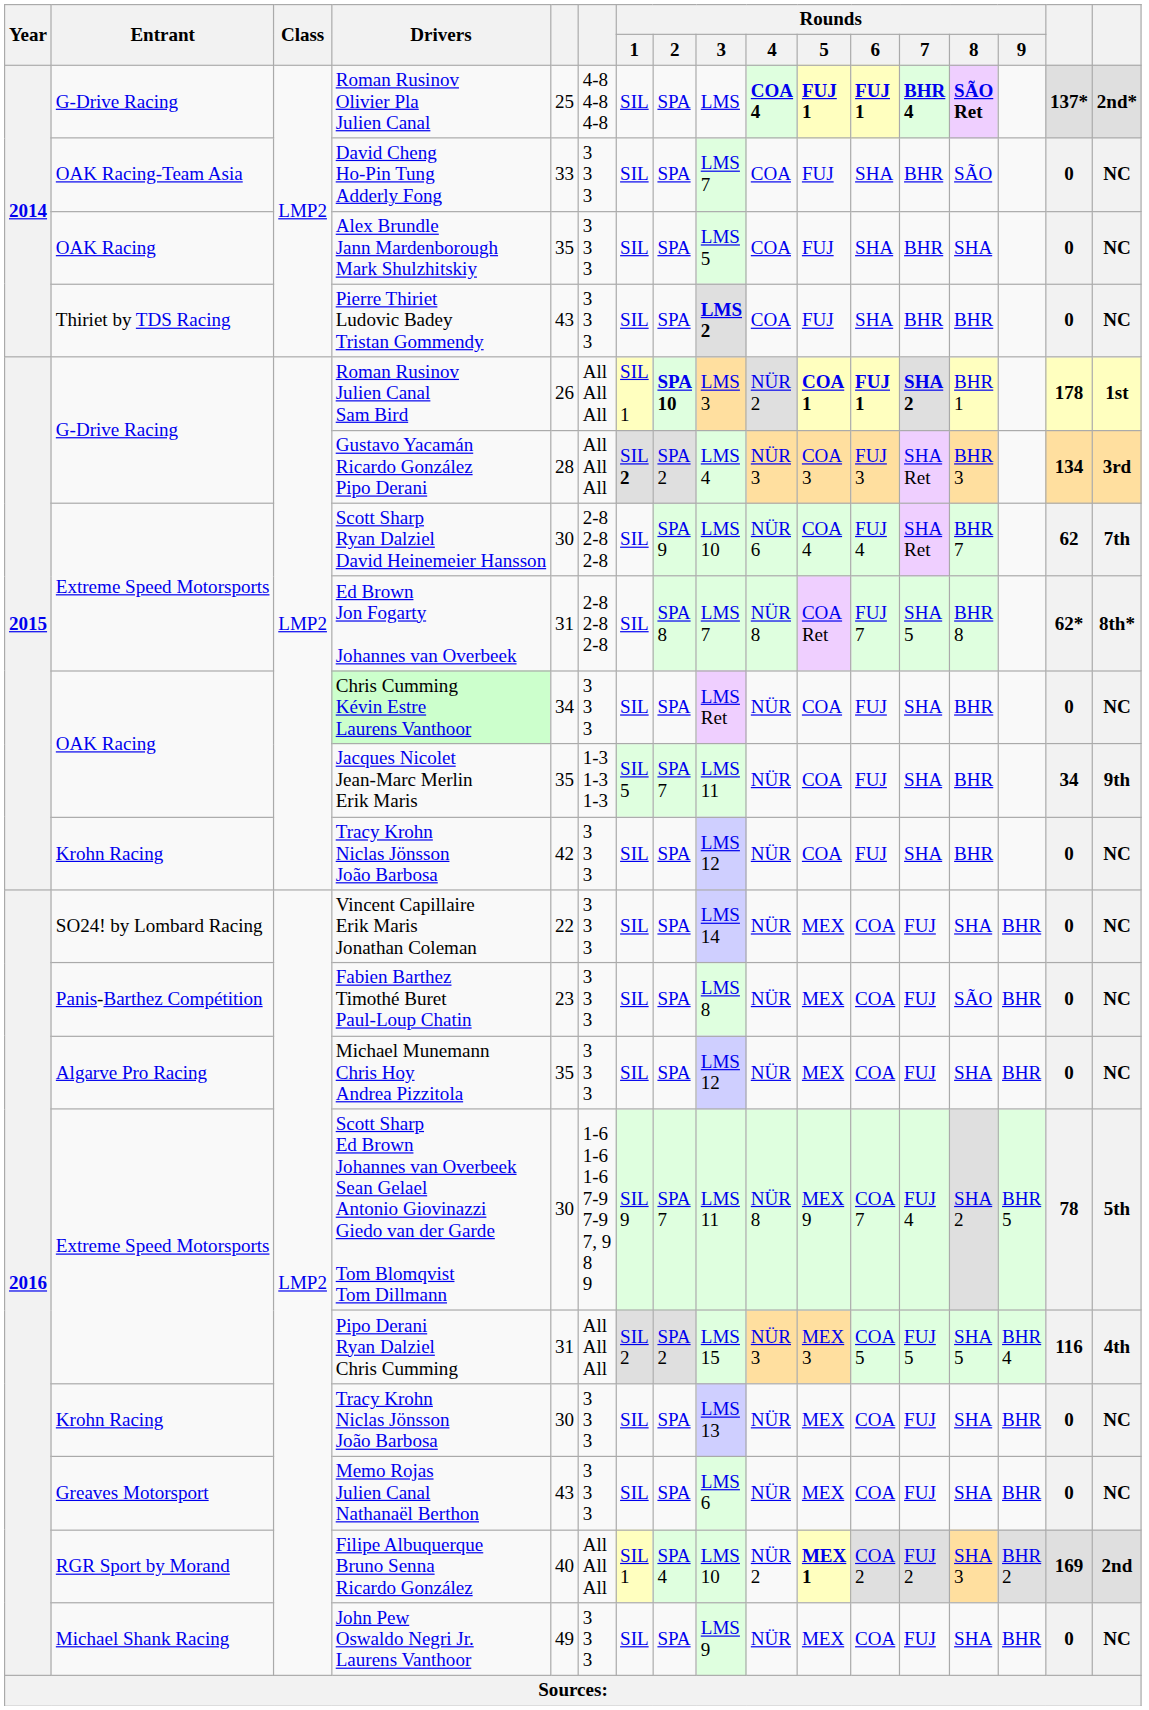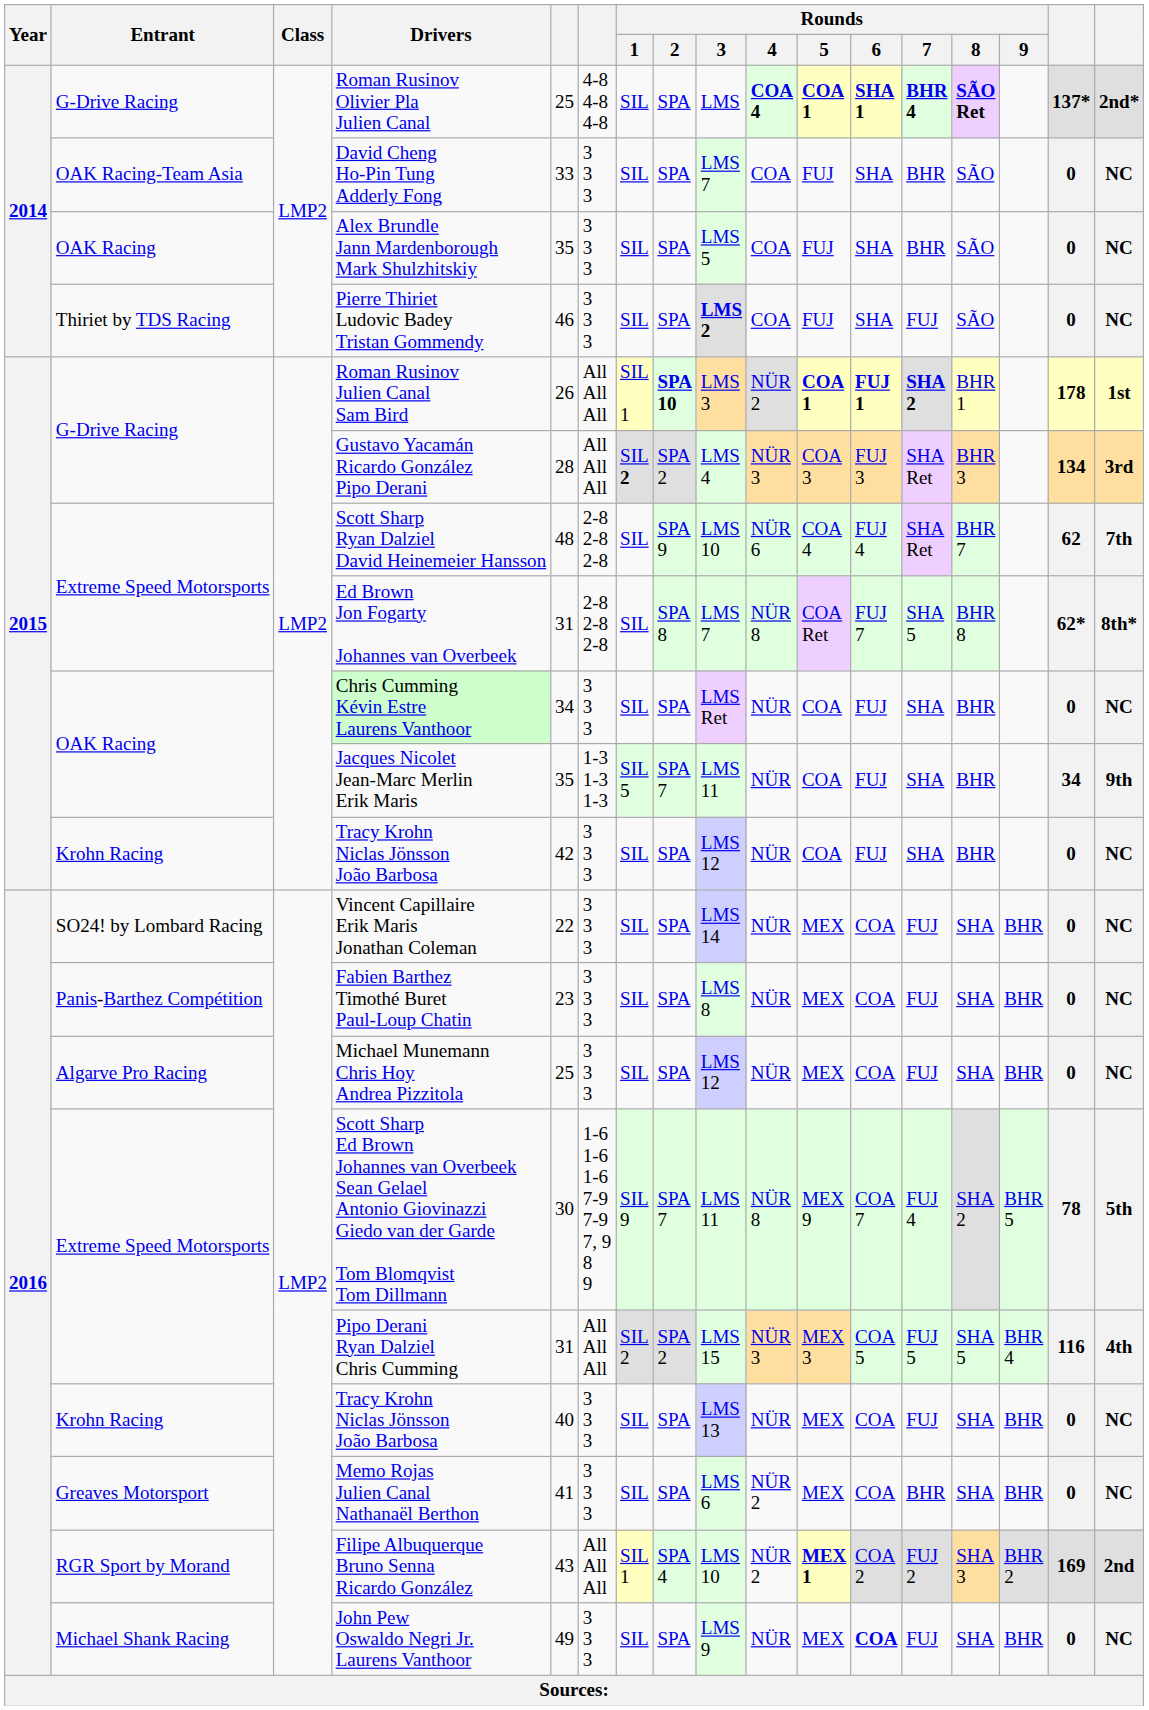 <table class="wikitable">
 <tr>
 <th rowspan="2">Year</th>
 <th rowspan="2">Entrant</th>
 <th rowspan="2">Class</th>
 <th rowspan="2">Drivers</th>
 <th rowspan="2"></th>
 <th rowspan="2"></th>
 <th colspan="9">Rounds</th>
 <th rowspan="2"></th>
 <th rowspan="2"></th>
 </tr>
 <tr>
 <th>1</th>
 <th>2</th>
 <th>3</th>
 <th>4</th>
 <th>5</th>
 <th>6</th>
 <th>7</th>
 <th>8</th>
 <th>9</th>
 </tr>
 <tr>
 <th rowspan="4"><a href='#'>2014</a></th>
 <td> <a href='#'>G-Drive Racing</a></td>
 <td rowspan="4"><a href='#'>LMP2</a></td>
 <td> <a href='#'>Roman Rusinov</a><br> <a href='#'>Olivier Pla</a><br> <a href='#'>Julien Canal</a></td>
 <td>25</td>
 <td>4-8<br>4-8<br>4-8</td>
 <td><a href='#'>SIL</a></td>
 <td><a href='#'>SPA</a></td>
 <td><a href='#'>LMS</a></td>
 <td style="background:#DFFFDF;"><strong><a href='#'>COA</a><br>4</strong></td>
-<td style="background:#FFFFBF;”"><a href='#'><strong>FUJ</strong></a><br><strong>1</strong></td>
-<td style="background:#FFFFBF;”"><strong><a href='#'>FUJ</a><br>1</strong></td>
+<td style="background:#FFFFBF;”"><strong><a href='#'>COA</a><br>1</strong></td>
+<td style="background:#FFFFBF;”"><a href='#'><strong>SHA</strong></a><br><strong>1</strong></td>
 <td style="background:#DFFFDF;"><a href='#'><strong>BHR</strong></a><br><strong>4</strong></td>
 <td style="background:#EFCFFF;"><a href='#'><strong>SÃO</strong></a><br><strong>Ret</strong></td>
 <td></td>
 <th style="background:#DFDFDF;”">137*</th>
 <th style="background:#DFDFDF;”">2nd*</th>
 </tr>
 <tr>
 <td> <a href='#'>OAK Racing-Team Asia</a></td>
 <td> <a href='#'>David Cheng</a><br> <a href='#'>Ho-Pin Tung</a><br> <a href='#'>Adderly Fong</a></td>
 <td>33</td>
 <td>3<br>3<br>3</td>
 <td><a href='#'>SIL</a><br></td>
 <td><a href='#'>SPA</a><br></td>
 <td style="background:#DFFFDF;"><a href='#'>LMS</a><br>7</td>
 <td><a href='#'>COA</a><br></td>
 <td><a href='#'>FUJ</a><br></td>
 <td><a href='#'>SHA</a><br></td>
 <td><a href='#'>BHR</a><br></td>
 <td><a href='#'>SÃO</a><br></td>
 <td></td>
 <th>0</th>
 <th>NC</th>
 </tr>
 <tr>
 <td> <a href='#'>OAK Racing</a></td>
 <td> <a href='#'>Alex Brundle</a><br> <a href='#'>Jann Mardenborough</a><br> <a href='#'>Mark Shulzhitskiy</a></td>
 <td>35</td>
 <td>3<br>3<br>3</td>
 <td><a href='#'>SIL</a><br></td>
 <td><a href='#'>SPA</a><br></td>
 <td style="background:#DFFFDF;"><a href='#'>LMS</a><br>5</td>
 <td><a href='#'>COA</a><br></td>
 <td><a href='#'>FUJ</a><br></td>
 <td><a href='#'>SHA</a><br></td>
 <td><a href='#'>BHR</a><br></td>
-<td><a href='#'>SHA</a><br></td>
+<td><a href='#'>SÃO</a><br></td>
 <td></td>
 <th>0</th>
 <th>NC</th>
 </tr>
 <tr>
 <td> Thiriet by <a href='#'>TDS Racing</a></td>
 <td> <a href='#'>Pierre Thiriet</a><br> Ludovic Badey<br> <a href='#'>Tristan Gommendy</a></td>
-<td>43</td>
+<td>46</td>
 <td>3<br>3<br>3</td>
 <td><a href='#'>SIL</a><br></td>
 <td><a href='#'>SPA</a><br></td>
 <td style="background:#DFDFDF;”"><strong><a href='#'>LMS</a><br>2</strong></td>
 <td><a href='#'>COA</a><br></td>
 <td><a href='#'>FUJ</a><br></td>
 <td><a href='#'>SHA</a><br></td>
-<td><a href='#'>BHR</a><br></td>
-<td><a href='#'>BHR</a><br></td>
+<td><a href='#'>FUJ</a><br></td>
+<td><a href='#'>SÃO</a><br></td>
 <td></td>
 <th>0</th>
 <th>NC</th>
 </tr>
 <tr>
 <th rowspan="7"><a href='#'>2015</a></th>
 <td rowspan="2"> <a href='#'>G-Drive Racing</a></td>
 <td rowspan="7"><a href='#'>LMP2</a></td>
 <td> <a href='#'>Roman Rusinov</a><br> <a href='#'>Julien Canal</a><br> <a href='#'>Sam Bird</a></td>
 <td>26</td>
 <td>All<br>All<br>All</td>
 <td style="background:#FFFFBF;”"><a href='#'>SIL</a><br><br>1</td>
 <td style="background:#DFFFDF;"><a href='#'><strong>SPA</strong></a><br><strong>10</strong></td>
 <td style="background:#FFDF9F;”"><a href='#'>LMS</a><br>3</td>
 <td style="background:#DFDFDF;”"><a href='#'>NÜR</a><br>2</td>
 <td style="background:#FFFFBF;”"><strong><a href='#'>COA</a><br>1</strong></td>
 <td style="background:#FFFFBF;”"><strong><a href='#'>FUJ</a><br>1</strong></td>
 <td style="background:#DFDFDF;”"><strong><a href='#'>SHA</a><br>2</strong></td>
 <td style="background:#FFFFBF;”"><a href='#'>BHR</a><br>1</td>
 <td></td>
 <th style="background:#FFFFBF;”">178</th>
 <th style="background:#FFFFBF;”">1st</th>
 </tr>
 <tr>
 <td> <a href='#'>Gustavo Yacamán</a><br> <a href='#'>Ricardo González</a><br> <a href='#'>Pipo Derani</a></td>
 <td>28</td>
 <td>All<br>All<br>All</td>
 <td style="background:#DFDFDF;”"><strong><a href='#'></strong>SIL<strong></a><br>2</strong></td>
 <td style="background:#DFDFDF;”"><a href='#'>SPA</a><br>2</td>
 <td style="background:#DFFFDF;"><a href='#'>LMS</a><br>4</td>
 <td style="background:#FFDF9F;”"><a href='#'>NÜR</a><br>3</td>
 <td style="background:#FFDF9F;”"><a href='#'>COA</a><br>3</td>
 <td style="background:#FFDF9F;”"><a href='#'>FUJ</a><br>3</td>
 <td style="background:#EFCFFF;"><a href='#'>SHA</a><br>Ret</td>
 <td style="background:#FFDF9F;”"><a href='#'>BHR</a><br>3</td>
 <td></td>
 <th style="background:#FFDF9F;”">134</th>
 <th style="background:#FFDF9F;”">3rd</th>
 </tr>
 <tr>
 <td rowspan="2"> <a href='#'>Extreme Speed Motorsports</a></td>
 <td> <a href='#'>Scott Sharp</a><br> <a href='#'>Ryan Dalziel</a><br> <a href='#'>David Heinemeier Hansson</a></td>
-<td>30</td>
+<td>48</td>
 <td>2-8<br>2-8<br>2-8</td>
 <td><a href='#'>SIL</a><br></td>
 <td style="background:#DFFFDF;"><a href='#'>SPA</a><br>9</td>
 <td style="background:#DFFFDF;"><a href='#'>LMS</a><br>10</td>
 <td style="background:#DFFFDF;"><a href='#'>NÜR</a><br>6</td>
 <td style="background:#DFFFDF;"><a href='#'>COA</a><br>4</td>
 <td style="background:#DFFFDF;"><a href='#'>FUJ</a><br>4</td>
 <td style="background:#EFCFFF;"><a href='#'>SHA</a><br>Ret</td>
 <td style="background:#DFFFDF;"><a href='#'>BHR</a><br>7</td>
 <td></td>
 <th>62</th>
 <th>7th</th>
 </tr>
 <tr>
 <td> <a href='#'>Ed Brown</a><br> <a href='#'>Jon Fogarty</a><br><br> <a href='#'>Johannes van Overbeek</a></td>
 <td>31</td>
 <td>2-8<br>2-8<br>2-8</td>
 <td><a href='#'>SIL</a><br></td>
 <td style="background:#DFFFDF;"><a href='#'>SPA</a><br>8</td>
 <td style="background:#DFFFDF;"><a href='#'>LMS</a><br>7</td>
 <td style="background:#DFFFDF;"><a href='#'>NÜR</a><br>8</td>
 <td style="background:#EFCFFF;"><a href='#'>COA</a><br>Ret</td>
 <td style="background:#DFFFDF;"><a href='#'>FUJ</a><br>7</td>
 <td style="background:#DFFFDF;"><a href='#'>SHA</a><br>5</td>
 <td style="background:#DFFFDF;"><a href='#'>BHR</a><br>8</td>
 <td></td>
 <th>62*</th>
 <th>8th*</th>
 </tr>
 <tr>
 <td rowspan="2"> <a href='#'>OAK Racing</a></td>
 <td style="background-color: #ccffcc"> Chris Cumming<br> <a href='#'>Kévin Estre</a><br> <a href='#'>Laurens Vanthoor</a></td>
 <td>34</td>
 <td>3<br>3<br>3</td>
 <td><a href='#'>SIL</a><br></td>
 <td><a href='#'>SPA</a><br></td>
 <td style="background:#EFCFFF;"><a href='#'>LMS</a><br>Ret</td>
 <td><a href='#'>NÜR</a><br></td>
 <td><a href='#'>COA</a><br></td>
 <td><a href='#'>FUJ</a><br></td>
 <td><a href='#'>SHA</a><br></td>
 <td><a href='#'>BHR</a><br></td>
 <td></td>
 <th>0</th>
 <th>NC</th>
 </tr>
 <tr>
 <td> <a href='#'>Jacques Nicolet</a><br> Jean-Marc Merlin<br> Erik Maris<br></td>
 <td>35</td>
 <td>1-3<br>1-3<br>1-3</td>
 <td style="background:#DFFFDF;"><a href='#'>SIL</a><br>5</td>
 <td style="background:#DFFFDF;"><a href='#'>SPA</a><br>7</td>
 <td style="background:#DFFFDF;"><a href='#'>LMS</a><br>11</td>
 <td><a href='#'>NÜR</a><br></td>
 <td><a href='#'>COA</a><br></td>
 <td><a href='#'>FUJ</a><br></td>
 <td><a href='#'>SHA</a><br></td>
 <td><a href='#'>BHR</a><br></td>
 <td></td>
 <th>34</th>
 <th>9th</th>
 </tr>
 <tr>
 <td> <a href='#'>Krohn Racing</a></td>
 <td> <a href='#'>Tracy Krohn</a><br> <a href='#'>Niclas Jönsson</a><br> <a href='#'>João Barbosa</a></td>
 <td>42</td>
 <td>3<br>3<br>3</td>
 <td><a href='#'>SIL</a><br></td>
 <td><a href='#'>SPA</a><br></td>
 <td style="background:#CFCFFF;”"><a href='#'>LMS</a><br>12</td>
 <td><a href='#'>NÜR</a><br></td>
 <td><a href='#'>COA</a><br></td>
 <td><a href='#'>FUJ</a><br></td>
 <td><a href='#'>SHA</a><br></td>
 <td><a href='#'>BHR</a><br></td>
 <td></td>
 <th>0</th>
 <th>NC</th>
 </tr>
 <tr>
 <th rowspan="9"><a href='#'>2016</a></th>
 <td> SO24! by Lombard Racing</td>
 <td rowspan="9"><a href='#'>LMP2</a></td>
 <td> Vincent Capillaire<br> Erik Maris<br> Jonathan Coleman</td>
 <td>22</td>
 <td>3<br>3<br>3</td>
 <td><a href='#'>SIL</a><br></td>
 <td><a href='#'>SPA</a><br></td>
 <td style="background:#CFCFFF;”"><a href='#'>LMS</a><br>14</td>
 <td><a href='#'>NÜR</a><br></td>
 <td><a href='#'>MEX</a><br></td>
 <td><a href='#'>COA</a><br></td>
 <td><a href='#'>FUJ</a><br></td>
 <td><a href='#'>SHA</a><br></td>
 <td><a href='#'>BHR</a><br></td>
 <th>0</th>
 <th>NC</th>
 </tr>
 <tr>
 <td> <a href='#'>Panis</a>-<a href='#'>Barthez Compétition</a></td>
 <td> <a href='#'>Fabien Barthez</a><br> Timothé Buret<br> <a href='#'>Paul-Loup Chatin</a></td>
 <td>23</td>
 <td>3<br>3<br>3</td>
 <td><a href='#'>SIL</a><br></td>
 <td><a href='#'>SPA</a><br></td>
 <td style="background:#DFFFDF;"><a href='#'>LMS</a><br>8</td>
 <td><a href='#'>NÜR</a><br></td>
 <td><a href='#'>MEX</a><br></td>
 <td><a href='#'>COA</a><br></td>
 <td><a href='#'>FUJ</a><br></td>
-<td><a href='#'>SÃO</a><br></td>
+<td><a href='#'>SHA</a><br></td>
 <td><a href='#'>BHR</a><br></td>
 <th>0</th>
 <th>NC</th>
 </tr>
 <tr>
 <td> <a href='#'>Algarve Pro Racing</a></td>
 <td> Michael Munemann<br> <a href='#'>Chris Hoy</a><br> <a href='#'>Andrea Pizzitola</a></td>
-<td>35</td>
+<td>25</td>
 <td>3<br>3<br>3</td>
 <td><a href='#'>SIL</a><br></td>
 <td><a href='#'>SPA</a><br></td>
 <td style="background:#CFCFFF;”"><a href='#'>LMS</a><br>12</td>
 <td><a href='#'>NÜR</a><br></td>
 <td><a href='#'>MEX</a><br></td>
 <td><a href='#'>COA</a><br></td>
 <td><a href='#'>FUJ</a><br></td>
 <td><a href='#'>SHA</a><br></td>
 <td><a href='#'>BHR</a><br></td>
 <th>0</th>
 <th>NC</th>
 </tr>
 <tr>
 <td rowspan="2"> <a href='#'>Extreme Speed Motorsports</a></td>
 <td> <a href='#'>Scott Sharp</a><br> <a href='#'>Ed Brown</a><br> <a href='#'>Johannes van Overbeek</a><br> <a href='#'>Sean Gelael</a><br> <a href='#'>Antonio Giovinazzi</a><br> <a href='#'>Giedo van der Garde</a><br><br> <a href='#'>Tom Blomqvist</a><br> <a href='#'>Tom Dillmann</a></td>
 <td>30</td>
 <td>1-6<br>1-6<br>1-6<br>7-9<br>7-9<br>7, 9<br>8<br>9</td>
 <td style="background:#DFFFDF;"><a href='#'>SIL</a><br>9</td>
 <td style="background:#DFFFDF;"><a href='#'>SPA</a><br>7</td>
 <td style="background:#DFFFDF;"><a href='#'>LMS</a><br>11</td>
 <td style="background:#DFFFDF;"><a href='#'>NÜR</a><br>8</td>
 <td style="background:#DFFFDF;"><a href='#'>MEX</a><br>9</td>
 <td style="background:#DFFFDF;"><a href='#'>COA</a><br>7</td>
 <td style="background:#DFFFDF;"><a href='#'>FUJ</a><br>4</td>
 <td style="background:#DFDFDF;”"><a href='#'>SHA</a><br>2</td>
 <td style="background:#DFFFDF;"><a href='#'>BHR</a><br>5</td>
 <th>78</th>
 <th>5th</th>
 </tr>
 <tr>
 <td> <a href='#'>Pipo Derani</a><br> <a href='#'>Ryan Dalziel</a><br> Chris Cumming</td>
 <td>31</td>
 <td>All<br>All<br>All</td>
 <td style="background:#DFDFDF;”"><a href='#'>SIL</a><br>2</td>
 <td style="background:#DFDFDF;”"><a href='#'>SPA</a><br>2</td>
 <td style="background:#DFFFDF;"><a href='#'>LMS</a><br>15</td>
 <td style="background:#FFDF9F;”"><a href='#'>NÜR</a><br>3</td>
 <td style="background:#FFDF9F;”"><a href='#'>MEX</a><br>3</td>
 <td style="background:#DFFFDF;"><a href='#'>COA</a><br>5</td>
 <td style="background:#DFFFDF;"><a href='#'>FUJ</a><br>5</td>
 <td style="background:#DFFFDF;"><a href='#'>SHA</a><br>5</td>
 <td style="background:#DFFFDF;"><a href='#'>BHR</a><br>4</td>
 <th>116</th>
 <th>4th</th>
 </tr>
 <tr>
 <td> <a href='#'>Krohn Racing</a></td>
 <td> <a href='#'>Tracy Krohn</a><br> <a href='#'>Niclas Jönsson</a><br> <a href='#'>João Barbosa</a></td>
-<td>30</td>
+<td>40</td>
 <td>3<br>3<br>3</td>
 <td><a href='#'>SIL</a><br></td>
 <td><a href='#'>SPA</a><br></td>
 <td style="background:#CFCFFF;”"><a href='#'>LMS</a><br>13</td>
 <td><a href='#'>NÜR</a><br></td>
 <td><a href='#'>MEX</a><br></td>
 <td><a href='#'>COA</a><br></td>
 <td><a href='#'>FUJ</a><br></td>
 <td><a href='#'>SHA</a><br></td>
 <td><a href='#'>BHR</a><br></td>
 <th>0</th>
 <th>NC</th>
 </tr>
 <tr>
 <td> <a href='#'>Greaves Motorsport</a></td>
 <td> <a href='#'>Memo Rojas</a><br> <a href='#'>Julien Canal</a><br> <a href='#'>Nathanaël Berthon</a></td>
-<td>43</td>
+<td>41</td>
 <td>3<br>3<br>3</td>
 <td><a href='#'>SIL</a><br></td>
 <td><a href='#'>SPA</a><br></td>
 <td style="background:#DFFFDF;"><a href='#'>LMS</a><br>6</td>
-<td><a href='#'>NÜR</a><br></td>
+<td><a href='#'>NÜR</a><br>2</td>
 <td><a href='#'>MEX</a><br></td>
 <td><a href='#'>COA</a><br></td>
-<td><a href='#'>FUJ</a><br></td>
+<td><a href='#'>BHR</a><br></td>
 <td><a href='#'>SHA</a><br></td>
 <td><a href='#'>BHR</a><br></td>
 <th>0</th>
 <th>NC</th>
 </tr>
 <tr>
 <td> <a href='#'>RGR Sport by Morand</a></td>
 <td> <a href='#'>Filipe Albuquerque</a><br> <a href='#'>Bruno Senna</a><br> <a href='#'>Ricardo González</a></td>
-<td>40</td>
+<td>43</td>
 <td>All<br>All<br>All</td>
 <td style="background:#FFFFBF;”"><a href='#'>SIL</a><br>1</td>
 <td style="background:#DFFFDF;"><a href='#'>SPA</a><br>4</td>
 <td style="background:#DFFFDF;"><a href='#'>LMS</a><br>10</td>
 <td><a href='#'>NÜR</a><br>2</td>
 <td style="background:#FFFFBF;”"><a href='#'><strong>MEX</strong></a><br><strong>1</strong></td>
 <td style="background:#DFDFDF;”"><a href='#'>COA</a><br>2</td>
 <td style="background:#DFDFDF;”"><a href='#'>FUJ</a><br>2</td>
 <td style="background:#FFDF9F;”"><a href='#'>SHA</a><br>3</td>
 <td style="background:#DFDFDF;”"><a href='#'>BHR</a><br>2</td>
 <th style="background:#DFDFDF;”">169</th>
 <th style="background:#DFDFDF;”">2nd</th>
 </tr>
 <tr>
 <td> <a href='#'>Michael Shank Racing</a></td>
 <td> <a href='#'>John Pew</a><br> <a href='#'>Oswaldo Negri Jr.</a><br> <a href='#'>Laurens Vanthoor</a></td>
 <td>49</td>
 <td>3<br>3<br>3</td>
 <td><a href='#'>SIL</a><br></td>
 <td><a href='#'>SPA</a><br></td>
 <td style="background:#DFFFDF;"><a href='#'>LMS</a><br>9</td>
 <td><a href='#'>NÜR</a><br></td>
 <td><a href='#'>MEX</a><br></td>
-<td><a href='#'>COA</a><br></td>
+<td><strong><a href='#'>COA</a><br></strong></td>
 <td><a href='#'>FUJ</a><br></td>
 <td><a href='#'>SHA</a><br></td>
 <td><a href='#'>BHR</a><br></td>
 <th>0</th>
 <th>NC</th>
 </tr>
 <tr>
 <th colspan="17">Sources:</th>
 </tr>
 </table>
